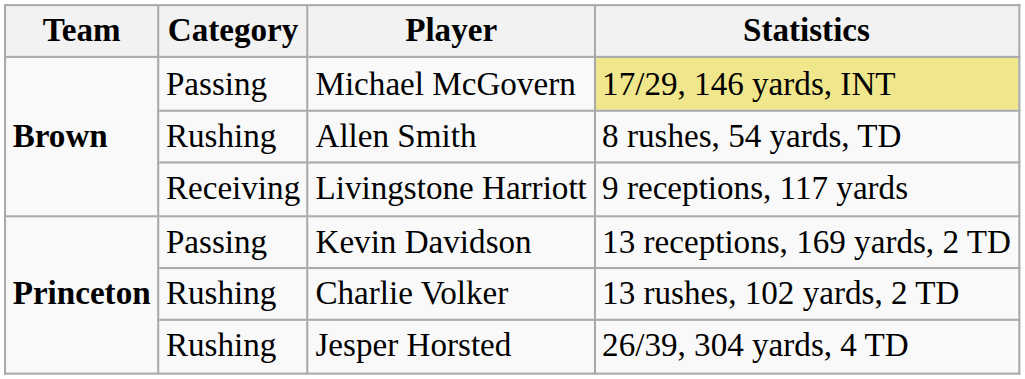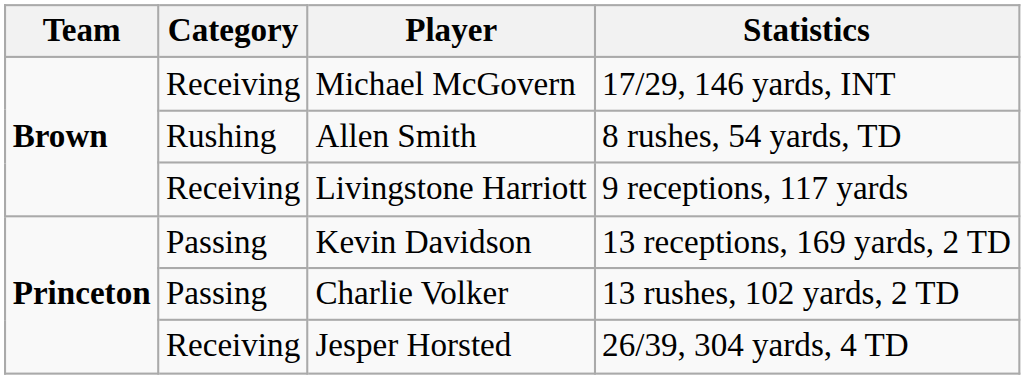 <table class="wikitable" style="float: left;">
 <tr>
 <th>Team</th>
 <th>Category</th>
 <th>Player</th>
 <th>Statistics</th>
 </tr>
 <tr>
 <td rowspan=3><strong>Brown</strong></td>
-<td>Passing</td>
+<td>Receiving</td>
 <td>Michael McGovern</td>
-<td style="background: khaki;">17/29, 146 yards, INT</td>
+<td>17/29, 146 yards, INT</td>
 </tr>
 <tr>
 <td>Rushing</td>
 <td>Allen Smith</td>
 <td>8 rushes, 54 yards, TD</td>
 </tr>
 <tr>
 <td>Receiving</td>
 <td>Livingstone Harriott</td>
 <td>9 receptions, 117 yards</td>
 </tr>
 <tr>
 <td rowspan=3><strong>Princeton</strong></td>
 <td>Passing</td>
 <td>Kevin Davidson</td>
 <td>13 receptions, 169 yards, 2 TD</td>
 </tr>
 <tr>
-<td>Rushing</td>
+<td>Passing</td>
 <td>Charlie Volker</td>
 <td>13 rushes, 102 yards, 2 TD</td>
 </tr>
 <tr>
-<td>Rushing</td>
+<td>Receiving</td>
 <td>Jesper Horsted</td>
 <td>26/39, 304 yards, 4 TD</td>
 </tr>
 </table>
